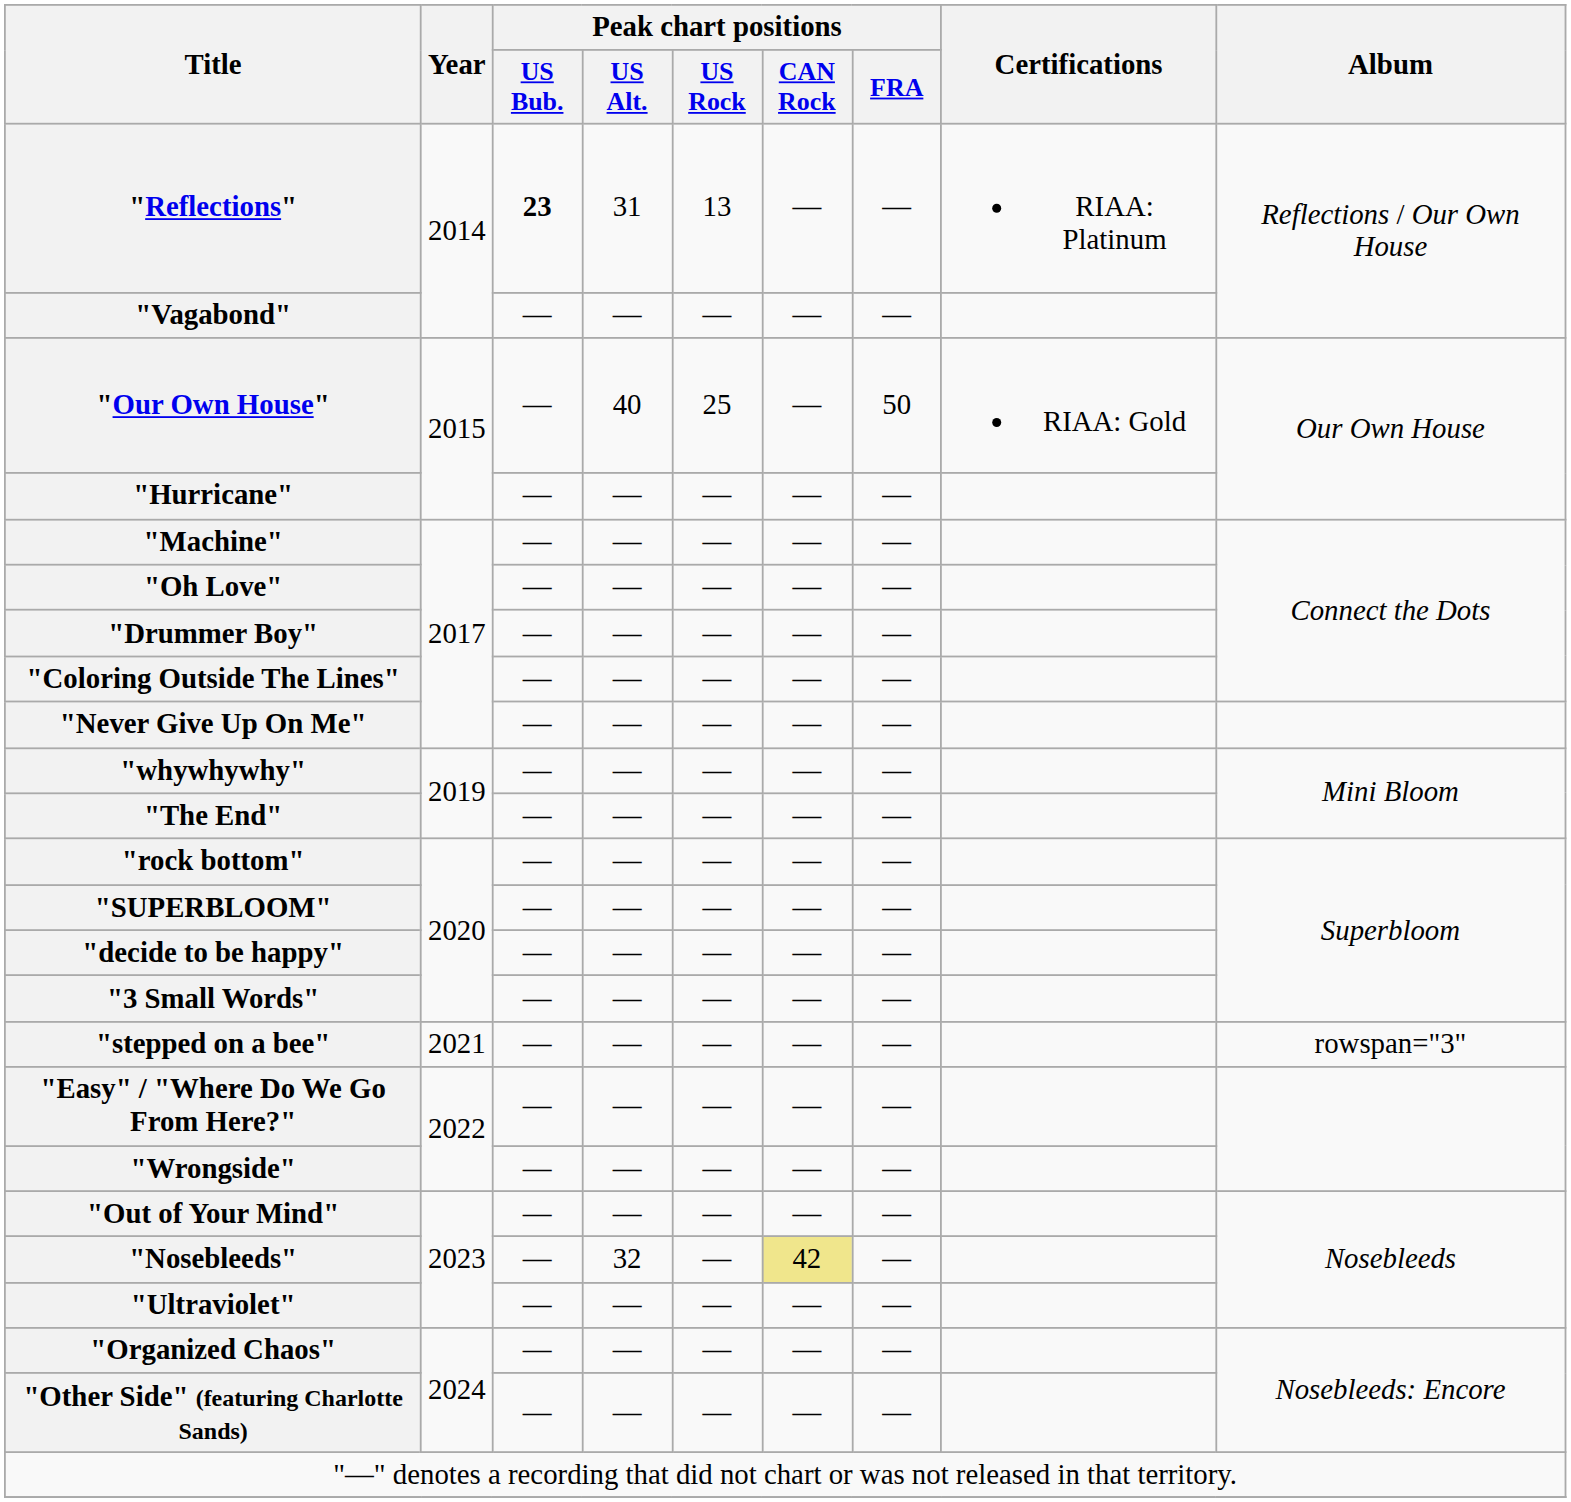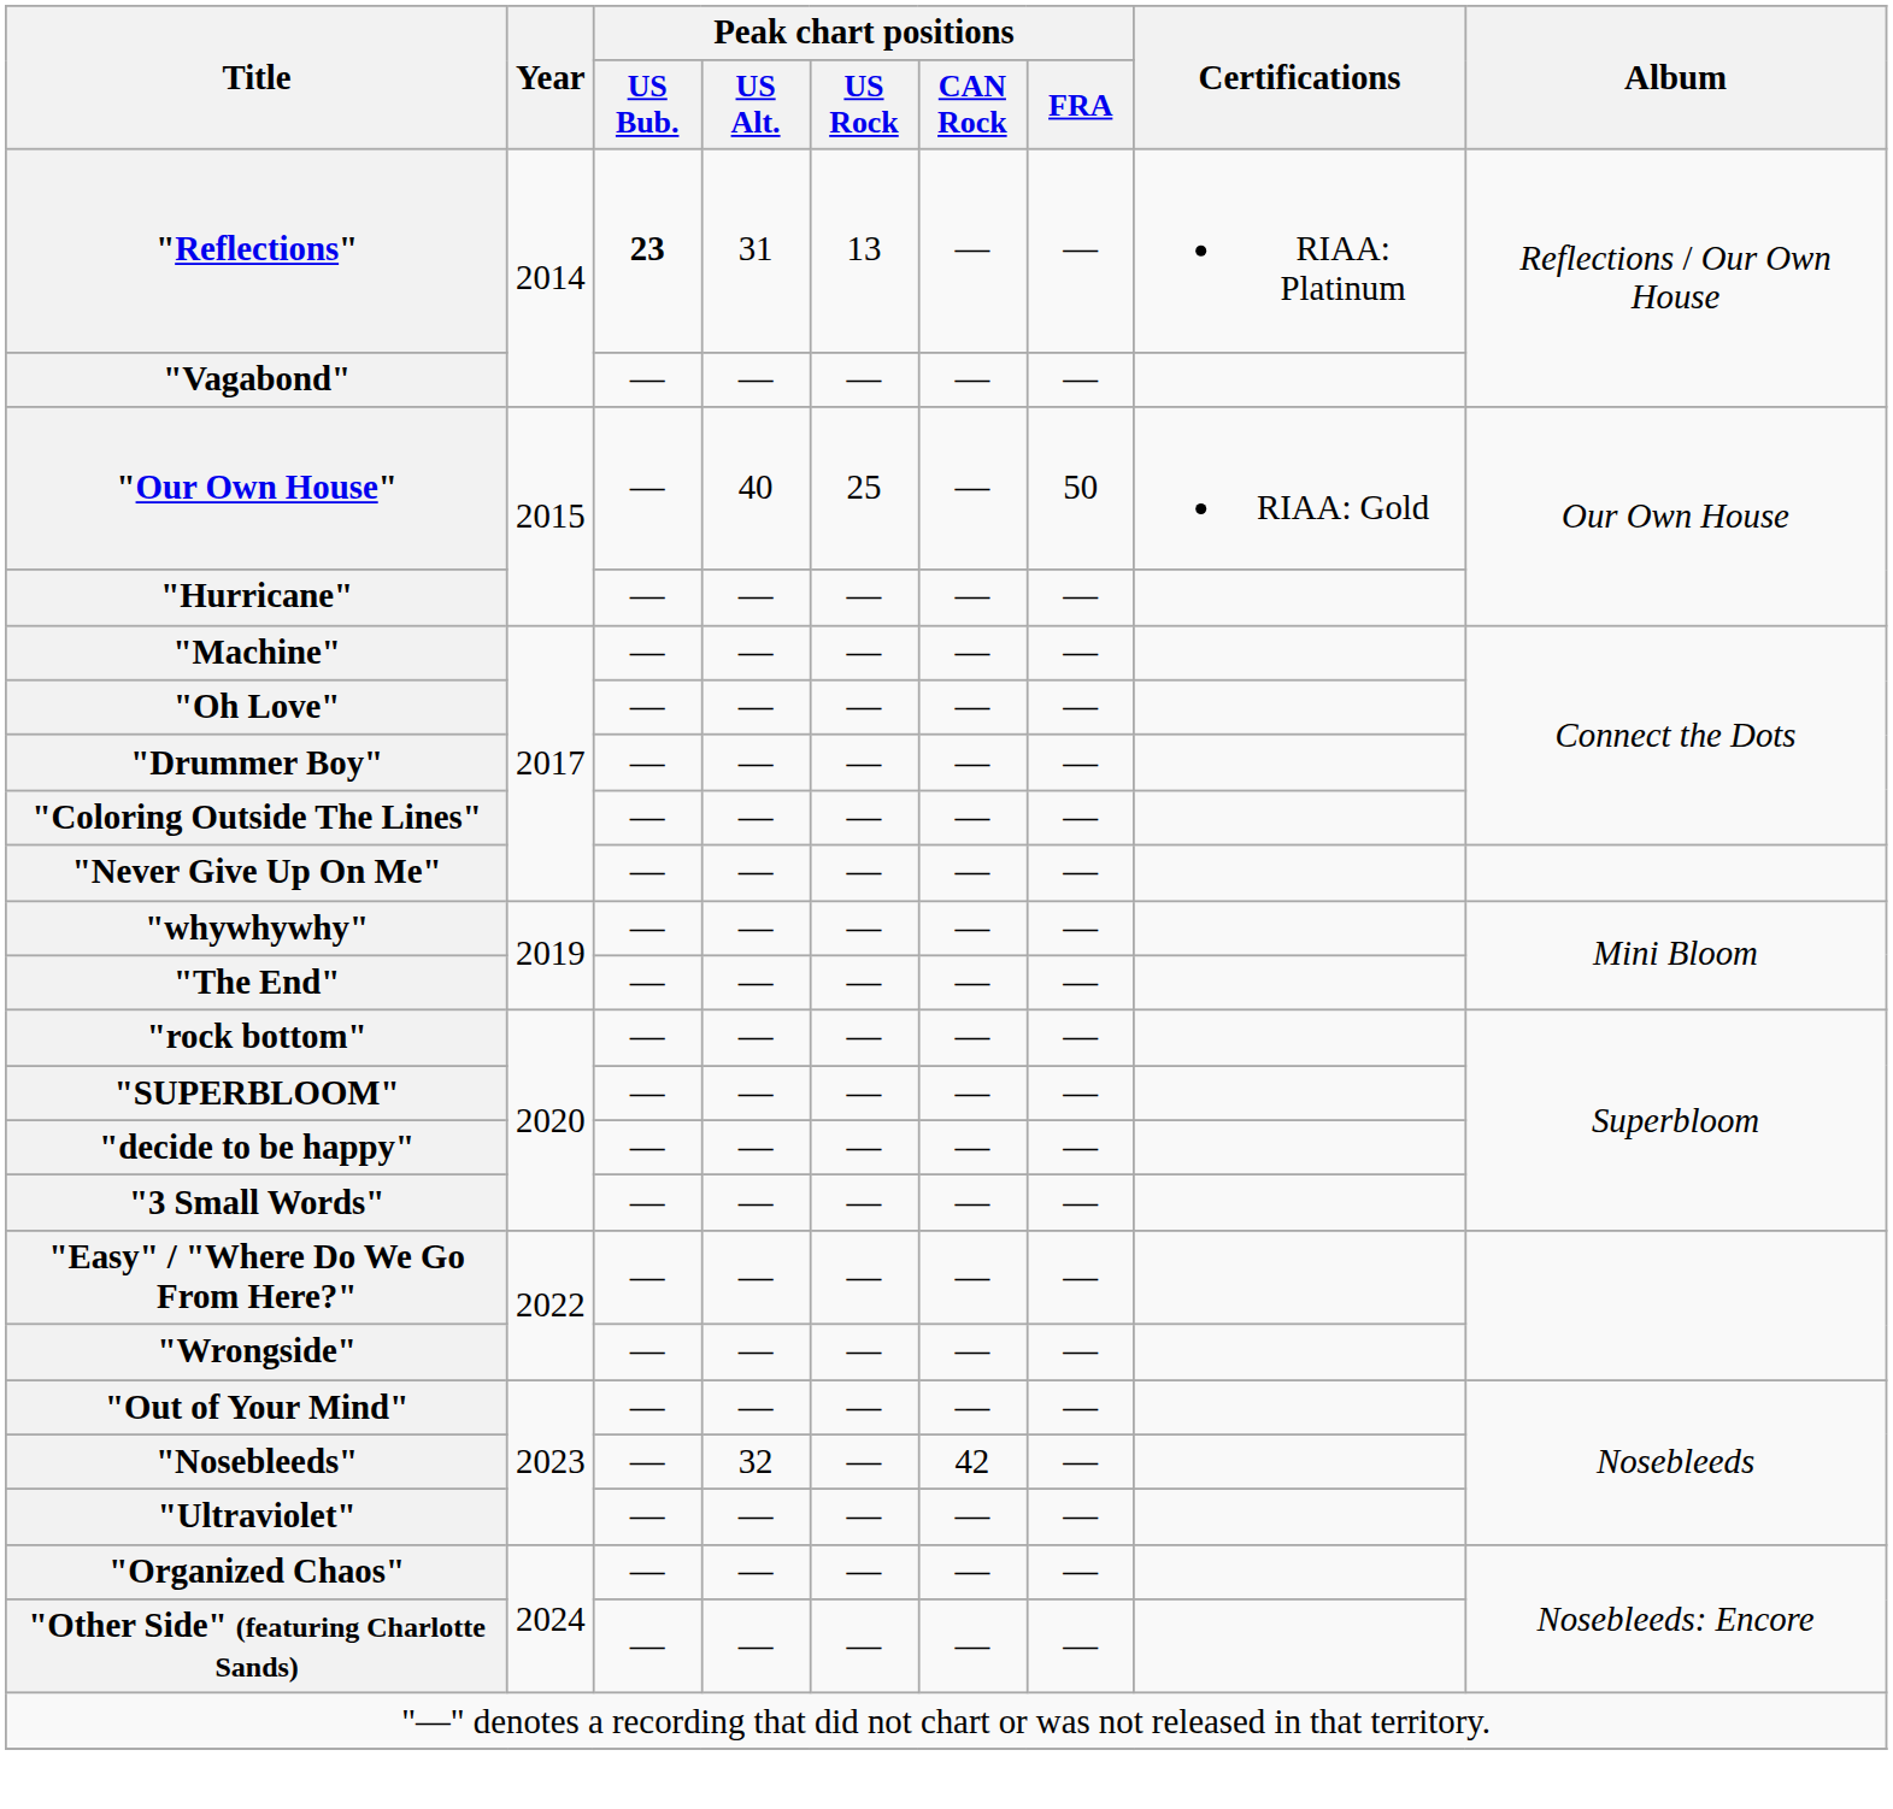 <table class="wikitable plainrowheaders" style="text-align:center;">
 <tr>
 <th scope="col" rowspan="2" style="width:14em;">Title</th>
 <th scope="col" rowspan="2">Year</th>
 <th scope="col" colspan="5">Peak chart positions</th>
 <th rowspan="2">Certifications</th>
 <th scope="col" rowspan="2">Album</th>
 </tr>
 <tr>
 <th scope="col" style="width:3em; font-size:90%;"><a href='#'>US<br>Bub.</a><br></th>
 <th scope="col" style="width:3em; font-size:90%;"><a href='#'>US<br>Alt.</a><br></th>
 <th scope="col" style="width:3em; font-size:90%;"><a href='#'>US<br>Rock</a><br></th>
 <th scope="col" style="width:3em; font-size:90%;"><a href='#'>CAN<br>Rock</a><br></th>
 <th scope="col" style="width:3em; font-size:90%;"><a href='#'>FRA</a><br></th>
 </tr>
 <tr>
 <th scope="row">"<a href='#'>Reflections</a>"</th>
 <td rowspan=2>2014</td>
 <td><strong>23</strong></td>
 <td>31</td>
 <td>13</td>
 <td>—</td>
 <td>—</td>
 <td><br><ul><li>RIAA: Platinum</li></ul></td>
 <td rowspan=2><em>Reflections</em> / <em>Our Own House</em></td>
 </tr>
 <tr>
 <th scope="row">"Vagabond"</th>
 <td>—</td>
 <td>—</td>
 <td>—</td>
 <td>—</td>
 <td>—</td>
 <td></td>
 </tr>
 <tr>
 <th scope="row">"<a href='#'>Our Own House</a>"</th>
 <td rowspan=2>2015</td>
 <td>—</td>
 <td>40</td>
 <td>25</td>
 <td>—</td>
 <td>50</td>
 <td><br><ul><li>RIAA: Gold</li></ul></td>
 <td rowspan=2><em>Our Own House</em></td>
 </tr>
 <tr>
 <th scope="row">"Hurricane"</th>
 <td>—</td>
 <td>—</td>
 <td>—</td>
 <td>—</td>
 <td>—</td>
 <td></td>
 </tr>
 <tr>
 <th scope="row">"Machine"</th>
 <td rowspan="5">2017</td>
 <td>—</td>
 <td>—</td>
 <td>—</td>
 <td>—</td>
 <td>—</td>
 <td></td>
 <td rowspan="4"><em>Connect the Dots</em></td>
 </tr>
 <tr>
 <th scope="row">"Oh Love"</th>
 <td>—</td>
 <td>—</td>
 <td>—</td>
 <td>—</td>
 <td>—</td>
 <td></td>
 </tr>
 <tr>
 <th scope="row">"Drummer Boy"</th>
 <td>—</td>
 <td>—</td>
 <td>—</td>
 <td>—</td>
 <td>—</td>
 <td></td>
 </tr>
 <tr>
 <th scope="row">"Coloring Outside The Lines"</th>
 <td>—</td>
 <td>—</td>
 <td>—</td>
 <td>—</td>
 <td>—</td>
 <td></td>
 </tr>
 <tr>
 <th scope="row">"Never Give Up On Me"</th>
 <td>—</td>
 <td>—</td>
 <td>—</td>
 <td>—</td>
 <td>—</td>
 <td></td>
 <td></td>
 </tr>
 <tr>
 <th scope="row">"whywhywhy"</th>
 <td rowspan="2">2019</td>
 <td>—</td>
 <td>—</td>
 <td>—</td>
 <td>—</td>
 <td>—</td>
 <td></td>
 <td rowspan="2"><em>Mini Bloom</em></td>
 </tr>
 <tr>
 <th scope="row">"The End"</th>
 <td>—</td>
 <td>—</td>
 <td>—</td>
 <td>—</td>
 <td>—</td>
 <td></td>
 </tr>
 <tr>
 <th scope="row">"rock bottom"</th>
 <td rowspan="4">2020</td>
 <td>—</td>
 <td>—</td>
 <td>—</td>
 <td>—</td>
 <td>—</td>
 <td></td>
 <td rowspan="4"><em>Superbloom</em></td>
 </tr>
 <tr>
 <th scope="row">"SUPERBLOOM"</th>
 <td>—</td>
 <td>—</td>
 <td>—</td>
 <td>—</td>
 <td>—</td>
 <td></td>
 </tr>
 <tr>
 <th scope="row">"decide to be happy"</th>
 <td>—</td>
 <td>—</td>
 <td>—</td>
 <td>—</td>
 <td>—</td>
 <td></td>
 </tr>
 <tr>
 <th scope="row">"3 Small Words"</th>
 <td>—</td>
 <td>—</td>
 <td>—</td>
 <td>—</td>
 <td>—</td>
 <td></td>
 </tr>
 <tr>
-<th scope="row">"stepped on a bee"</th>
-<td>2021</td>
-<td>—</td>
-<td>—</td>
-<td>—</td>
-<td>—</td>
-<td>—</td>
-<td></td>
-<td>rowspan="3" </td>
-</tr>
-<tr>
 <th scope="row">"Easy" / "Where Do We Go From Here?"</th>
 <td rowspan="2">2022</td>
 <td>—</td>
 <td>—</td>
 <td>—</td>
 <td>—</td>
 <td>—</td>
 <td></td>
 </tr>
 <tr>
 <th scope="row">"Wrongside"</th>
 <td>—</td>
 <td>—</td>
 <td>—</td>
 <td>—</td>
 <td>—</td>
 <td></td>
 </tr>
 <tr>
 <th scope="row">"Out of Your Mind"</th>
 <td rowspan="3">2023</td>
 <td>—</td>
 <td>—</td>
 <td>—</td>
 <td>—</td>
 <td>—</td>
 <td></td>
 <td rowspan="3"><em>Nosebleeds</em></td>
 </tr>
 <tr>
 <th scope="row">"Nosebleeds"</th>
 <td>—</td>
 <td>32</td>
 <td>—</td>
-<td style="background: khaki;">42</td>
+<td>42</td>
 <td>—</td>
 <td></td>
 </tr>
 <tr>
 <th scope="row">"Ultraviolet"</th>
 <td>—</td>
 <td>—</td>
 <td>—</td>
 <td>—</td>
 <td>—</td>
 <td></td>
 </tr>
 <tr>
 <th scope="row">"Organized Chaos"</th>
 <td rowspan="2">2024</td>
 <td>—</td>
 <td>—</td>
 <td>—</td>
 <td>—</td>
 <td>—</td>
 <td></td>
 <td rowspan="2"><em>Nosebleeds: Encore</em></td>
 </tr>
 <tr>
 <th scope="row">"Other Side" <small>(featuring Charlotte Sands)</small></th>
 <td>—</td>
 <td>—</td>
 <td>—</td>
 <td>—</td>
 <td>—</td>
 <td></td>
 </tr>
 <tr>
 <td colspan="9">"—" denotes a recording that did not chart or was not released in that territory.</td>
 </tr>
 <tr>
 </tr>
 </table>
